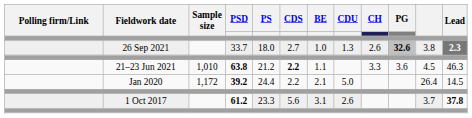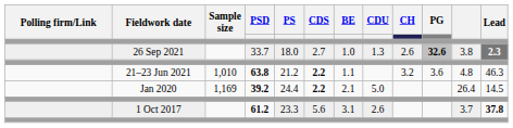 <table class="wikitable sortable mw-datatable" style="text-align:center;font-size:90%;line-height:16px;">
 <tr style="height:42px;">
 <th style="width:145px;" rowspan="2">Polling firm/Link</th>
 <th style="width:125px;" rowspan="2">Fieldwork date</th>
 <th class="unsortable" style="width:50px;" rowspan="2">Sample size</th>
 <th class="unsortable" style="width:35px;"><a href='#'>PSD</a></th>
 <th class="unsortable" style="width:35px;"><a href='#'>PS</a></th>
 <th class="unsortable" style="width:35px;"><a href='#'>CDS</a></th>
 <th class="unsortable" style="width:35px;"><a href='#'>BE</a></th>
 <th class="unsortable" style="width:35px;"><a href='#'>CDU</a></th>
 <th class="unsortable" style="width:35px;"><a href='#'>CH</a></th>
 <th class="unsortable" style="width:35px;">PG</th>
 <th class="unsortable" style="width:35px;" rowspan="2"></th>
 <th class="unsortable" style="width:30px;" rowspan="2">Lead</th>
 </tr>
 <tr>
 <th class="unsortable" style="color:inherit;background:"></th>
 <th class="unsortable" style="color:inherit;background:"></th>
 <th class="unsortable" style="color:inherit;background:"></th>
 <th class="unsortable" style="color:inherit;background:"></th>
 <th class="unsortable" style="color:inherit;background:"></th>
 <th class="sortable" style="background:#202056;"></th>
 <th class="unsortable" style="color:inherit;background:gray;"></th>
 </tr>
 <tr>
 <td colspan="13" style="background:#A0A0A0"></td>
 </tr>
 <tr>
 <td style="background:#EFEFEF;"><strong></strong></td>
 <td style="background:#EFEFEF;" data-sort-value="2019-10-06">26 Sep 2021</td>
 <td></td>
 <td style="background:#EFEFEF;">33.7<br></td>
 <td style="background:#EFEFEF;">18.0<br></td>
 <td style="background:#EFEFEF;">2.7<br></td>
 <td style="background:#EFEFEF;">1.0<br></td>
 <td style="background:#EFEFEF;">1.3<br></td>
 <td style="background:#EFEFEF;">2.6<br></td>
 <td style="background:#C0C0C0"><strong>32.6</strong><br></td>
 <td style="background:#EFEFEF;">3.8</td>
 <td style="background:#777777; color:white;"><strong>2.3</strong></td>
 </tr>
 <tr>
 <td colspan="13" style="background:#A0A0A0"></td>
 </tr>
 <tr>
 <td align="center"><br></td>
 <td align="center">21–23 Jun 2021</td>
 <td align="center">1,010</td>
 <td align="center" ><strong>63.8</strong><br></td>
 <td align="center">21.2<br></td>
 <td align="center"><strong>2.2<br></strong></td>
 <td align="center">1.1<br></td>
 <td></td>
-<td align="center">3.3<br></td>
+<td align="center">3.2<br></td>
 <td align="center">3.6<br></td>
-<td align="center">4.5<br></td>
+<td align="center">4.8<br></td>
 <td style="background:">46.3</td>
 </tr>
 <tr>
 <td align="center"></td>
 <td align="center">Jan 2020</td>
-<td align="center">1,172</td>
+<td align="center">1,169</td>
 <td align="center" ><strong>39.2</strong></td>
 <td align="center">24.4</td>
-<td align="center">2.2</td>
+<td align="center"><strong>2.2</strong></td>
 <td align="center">2.1</td>
 <td align="center">5.0</td>
 <td></td>
 <td></td>
 <td align="center">26.4</td>
 <td style="background:">14.5</td>
 </tr>
 <tr>
 <td colspan="12" style="background:#A0A0A0"></td>
 </tr>
 <tr>
 <td style="background:#EFEFEF;"><strong></strong></td>
 <td style="background:#EFEFEF;" data-sort-value="2019-10-06">1 Oct 2017</td>
 <td></td>
 <td><strong>61.2</strong><br></td>
 <td style="background:#EFEFEF;">23.3<br></td>
 <td style="background:#EFEFEF;">5.6<br></td>
 <td style="background:#EFEFEF;">3.1<br></td>
 <td style="background:#EFEFEF;">2.6<br></td>
 <td></td>
 <td></td>
 <td style="background:#EFEFEF;">3.7</td>
 <td style="background:"><strong>37.8</strong></td>
 </tr>
 <tr>
 <td colspan="12" style="background:#A0A0A0"></td>
 </tr>
 </table>
